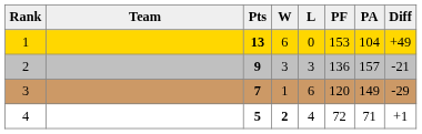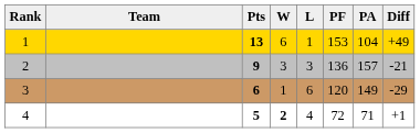 <table style=border-collapse:collapse border=1 cellspacing=0 cellpadding=5>
 <tr align=center bgcolor=#efefef>
 <th width=20>Rank</th>
 <th width=220>Team</th>
 <th width=20>Pts</th>
 <th width=20>W</th>
 <th width=20>L</th>
 <th width=20>PF</th>
 <th width=20>PA</th>
 <th width=20>Diff</th>
 </tr>
 <tr align=center bgcolor=gold>
 <td>1</td>
 <td align=left></td>
 <td><strong>13</strong></td>
 <td>6</td>
-<td>0</td>
+<td>1</td>
 <td>153</td>
 <td>104</td>
 <td>+49</td>
 </tr>
 <tr align=center bgcolor=silver>
 <td>2</td>
 <td align=left></td>
 <td><strong>9</strong></td>
 <td>3</td>
 <td>3</td>
 <td>136</td>
 <td>157</td>
 <td>-21</td>
 </tr>
 <tr align=center bgcolor=cc9966>
 <td>3</td>
 <td align=left></td>
-<td><strong>7</strong></td>
+<td><strong>6</strong></td>
 <td>1</td>
 <td>6</td>
 <td>120</td>
 <td>149</td>
 <td>-29</td>
 </tr>
 <tr align=center>
 <td>4</td>
 <td align=left></td>
 <td><strong>5</strong></td>
 <td><strong>2</strong></td>
 <td>4</td>
 <td>72</td>
 <td>71</td>
 <td>+1</td>
 </tr>
 </table>
